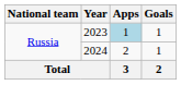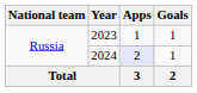 <table class="wikitable" style="text-align:center">
 <tr>
 <th>National team</th>
 <th>Year</th>
 <th>Apps</th>
 <th>Goals</th>
 </tr>
 <tr>
 <td rowspan="2"><a href='#'>Russia</a></td>
 <td>2023</td>
-<td style="background: lightblue;">1</td>
+<td>1</td>
 <td>1</td>
 </tr>
 <tr>
 <td>2024</td>
-<td>2</td>
+<td style="background: lavender;">2</td>
 <td>1</td>
 </tr>
 <tr>
 <th colspan="2">Total</th>
 <th>3</th>
 <th>2</th>
 </tr>
 </table>
